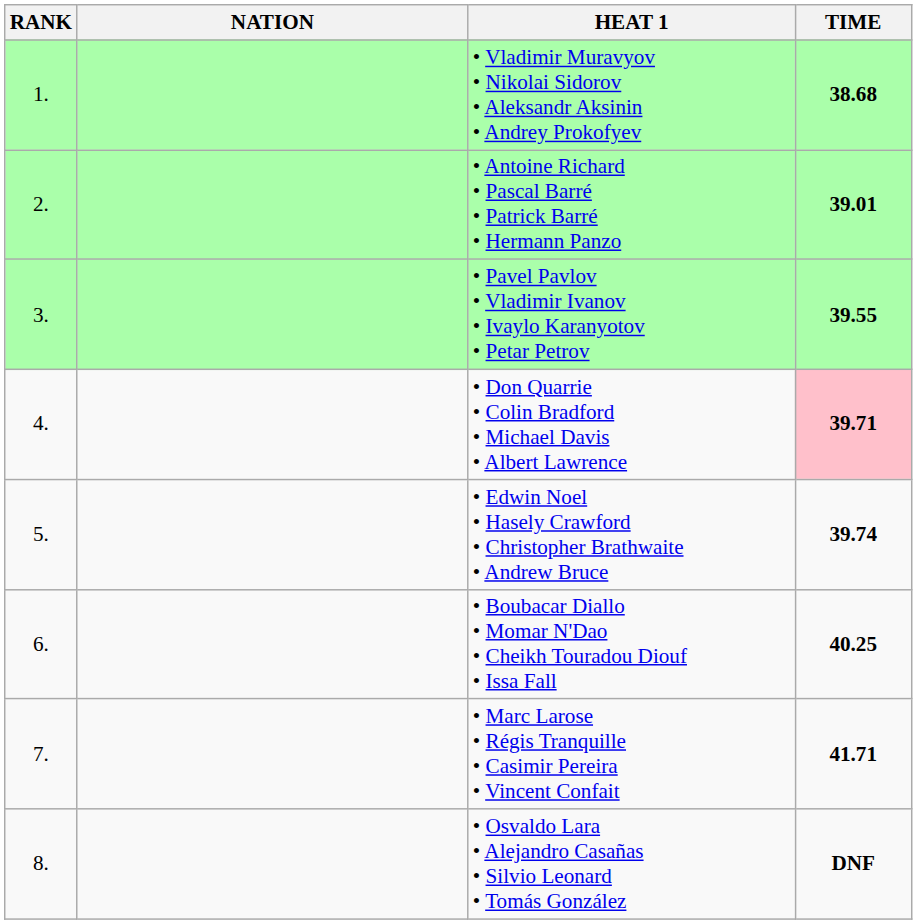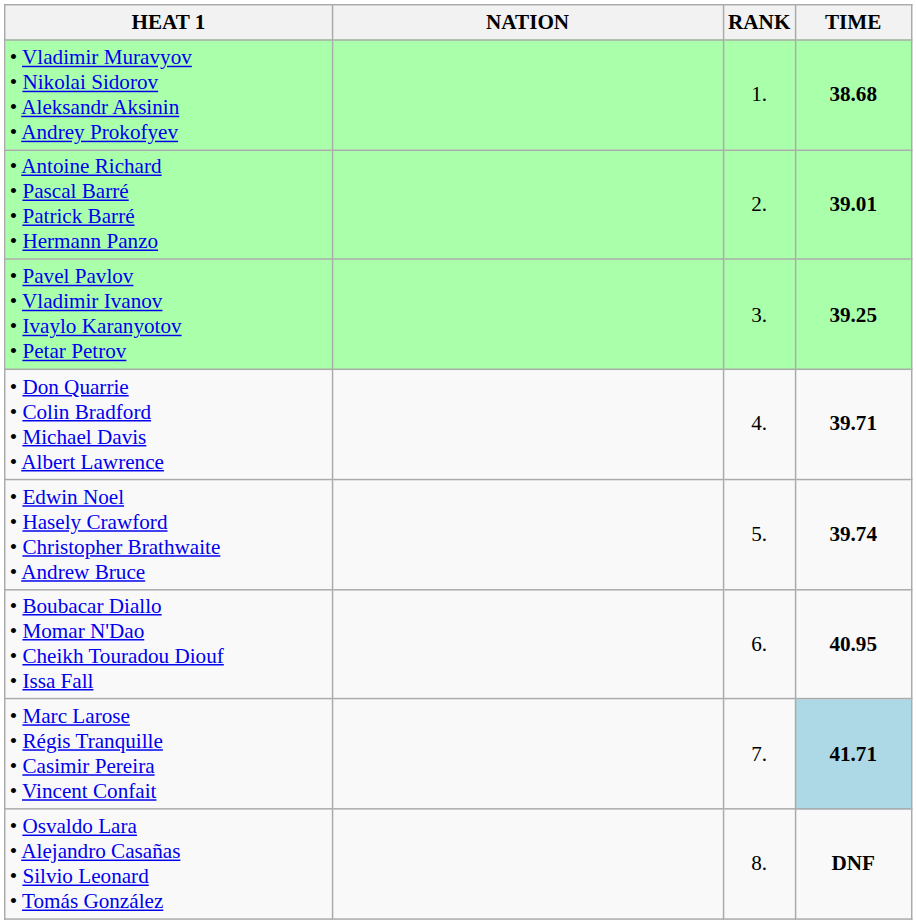 <table class="wikitable" style="border-collapse: collapse; font-size: 90%;">
 <tr>
+<th style="width: 15em">HEAT 1</th>
+<th style="width: 18em">NATION</th>
 <th>RANK</th>
-<th style="width: 18em">NATION</th>
-<th style="width: 15em">HEAT 1</th>
 <th style="width: 5em">TIME</th>
 </tr>
 <tr style="background:#aaffaa;">
+<td>• <a href='#'>Vladimir Muravyov</a><br>• <a href='#'>Nikolai Sidorov</a><br>• <a href='#'>Aleksandr Aksinin</a><br>• <a href='#'>Andrey Prokofyev</a></td>
+<td align="center"></td>
 <td align="center">1.</td>
-<td align="center"></td>
-<td>• <a href='#'>Vladimir Muravyov</a><br>• <a href='#'>Nikolai Sidorov</a><br>• <a href='#'>Aleksandr Aksinin</a><br>• <a href='#'>Andrey Prokofyev</a></td>
 <td align="center"><strong>38.68</strong></td>
 </tr>
 <tr style="background:#aaffaa;">
+<td>• <a href='#'>Antoine Richard</a><br>• <a href='#'>Pascal Barré</a><br>• <a href='#'>Patrick Barré</a><br>• <a href='#'>Hermann Panzo</a></td>
+<td align="center"></td>
 <td align="center">2.</td>
-<td align="center"></td>
-<td>• <a href='#'>Antoine Richard</a><br>• <a href='#'>Pascal Barré</a><br>• <a href='#'>Patrick Barré</a><br>• <a href='#'>Hermann Panzo</a></td>
 <td align="center"><strong>39.01</strong></td>
 </tr>
 <tr style="background:#aaffaa;">
+<td>• <a href='#'>Pavel Pavlov</a><br>• <a href='#'>Vladimir Ivanov</a><br>• <a href='#'>Ivaylo Karanyotov</a><br>• <a href='#'>Petar Petrov</a></td>
+<td align="center"></td>
 <td align="center">3.</td>
-<td align="center"></td>
-<td>• <a href='#'>Pavel Pavlov</a><br>• <a href='#'>Vladimir Ivanov</a><br>• <a href='#'>Ivaylo Karanyotov</a><br>• <a href='#'>Petar Petrov</a></td>
-<td align="center"><strong>39.55</strong></td>
+<td align="center"><strong>39.25</strong></td>
 </tr>
 <tr>
+<td>• <a href='#'>Don Quarrie</a><br>• <a href='#'>Colin Bradford</a><br>• <a href='#'>Michael Davis</a><br>• <a href='#'>Albert Lawrence</a></td>
+<td align="center"></td>
 <td align="center">4.</td>
-<td align="center"></td>
-<td>• <a href='#'>Don Quarrie</a><br>• <a href='#'>Colin Bradford</a><br>• <a href='#'>Michael Davis</a><br>• <a href='#'>Albert Lawrence</a></td>
-<td align="center" style="background: pink;"><strong>39.71</strong></td>
+<td align="center"><strong>39.71</strong></td>
 </tr>
 <tr>
+<td>• <a href='#'>Edwin Noel</a><br>• <a href='#'>Hasely Crawford</a><br>• <a href='#'>Christopher Brathwaite</a><br>• <a href='#'>Andrew Bruce</a></td>
+<td align="center"></td>
 <td align="center">5.</td>
-<td align="center"></td>
-<td>• <a href='#'>Edwin Noel</a><br>• <a href='#'>Hasely Crawford</a><br>• <a href='#'>Christopher Brathwaite</a><br>• <a href='#'>Andrew Bruce</a></td>
 <td align="center"><strong>39.74</strong></td>
 </tr>
 <tr>
+<td>• <a href='#'>Boubacar Diallo</a><br>• <a href='#'>Momar N'Dao</a><br>• <a href='#'>Cheikh Touradou Diouf</a><br>• <a href='#'>Issa Fall</a></td>
+<td align="center"></td>
 <td align="center">6.</td>
-<td align="center"></td>
-<td>• <a href='#'>Boubacar Diallo</a><br>• <a href='#'>Momar N'Dao</a><br>• <a href='#'>Cheikh Touradou Diouf</a><br>• <a href='#'>Issa Fall</a></td>
-<td align="center"><strong>40.25</strong></td>
+<td align="center"><strong>40.95</strong></td>
 </tr>
 <tr>
+<td>• <a href='#'>Marc Larose</a><br>• <a href='#'>Régis Tranquille</a><br>• <a href='#'>Casimir Pereira</a><br>• <a href='#'>Vincent Confait</a></td>
+<td align="center"></td>
 <td align="center">7.</td>
-<td align="center"></td>
-<td>• <a href='#'>Marc Larose</a><br>• <a href='#'>Régis Tranquille</a><br>• <a href='#'>Casimir Pereira</a><br>• <a href='#'>Vincent Confait</a></td>
-<td align="center"><strong>41.71</strong></td>
+<td align="center" style="background: lightblue;"><strong>41.71</strong></td>
 </tr>
 <tr>
+<td>• <a href='#'>Osvaldo Lara</a><br>• <a href='#'>Alejandro Casañas</a><br>• <a href='#'>Silvio Leonard</a><br>• <a href='#'>Tomás González</a></td>
+<td align="center"></td>
 <td align="center">8.</td>
-<td align="center"></td>
-<td>• <a href='#'>Osvaldo Lara</a><br>• <a href='#'>Alejandro Casañas</a><br>• <a href='#'>Silvio Leonard</a><br>• <a href='#'>Tomás González</a></td>
 <td align="center"><strong>DNF</strong></td>
 </tr>
 </table>
